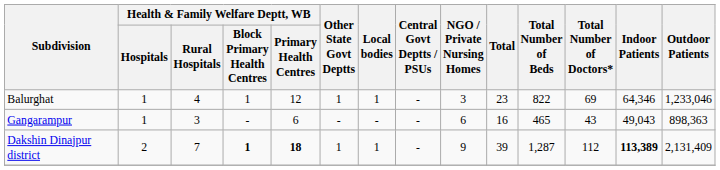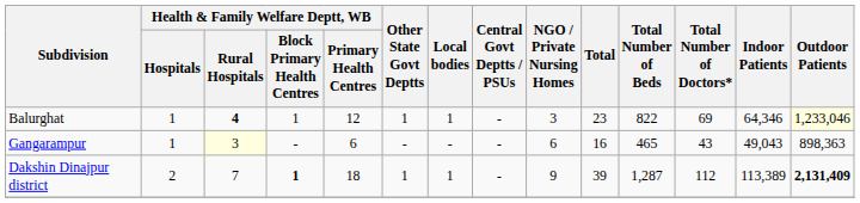 <table class="wikitable" style="text-align:center;font-size: 9pt">
 <tr>
 <th width="110" rowspan="2">Subdivision</th>
 <th width="160" colspan="4" rowspan="1">Health & Family Welfare Deptt, WB</th>
 <th widthspan="110" rowspan="2">Other<br>State<br>Govt<br>Deptts</th>
 <th widthspan="110" rowspan="2">Local<br>bodies</th>
 <th widthspan="110" rowspan="2">Central<br>Govt<br>Deptts /<br>PSUs</th>
 <th widthspan="110" rowspan="2">NGO /<br>Private<br>Nursing<br>Homes</th>
 <th widthspan="110" rowspan="2">Total</th>
 <th widthspan="110" rowspan="2">Total<br>Number<br>of<br>Beds</th>
 <th widthspan="110" rowspan="2">Total<br>Number<br>of<br>Doctors*</th>
 <th widthspan="130" rowspan="2">Indoor<br>Patients</th>
 <th widthspan="130" rowspan="2">Outdoor<br>Patients</th>
 </tr>
 <tr>
 <th width="40">Hospitals<br></th>
 <th width="40">Rural<br>Hospitals<br></th>
 <th width="40">Block<br>Primary<br>Health<br>Centres<br></th>
 <th width="40">Primary<br>Health<br>Centres<br></th>
 </tr>
 <tr>
 <td align=left>Balurghat</td>
 <td align="center">1</td>
-<td align="center">4</td>
+<td align="center"><strong>4</strong></td>
 <td align="center">1</td>
 <td align="center">12</td>
 <td align="center">1</td>
 <td align="center">1</td>
 <td align="center">-</td>
 <td align="center">3</td>
 <td align="center">23</td>
 <td align="center">822</td>
 <td align="center">69</td>
 <td align="center">64,346</td>
-<td align="center">1,233,046</td>
+<td align="center" style="background: lightyellow;">1,233,046</td>
 </tr>
 <tr>
 <td align=left><a href='#'>Gangarampur</a></td>
 <td align="center">1</td>
-<td align="center">3</td>
+<td align="center" style="background: lightyellow;">3</td>
 <td align="center">-</td>
 <td align="center">6</td>
 <td align="center">-</td>
 <td align="center">-</td>
 <td align="center">-</td>
 <td align="center">6</td>
 <td align="center">16</td>
 <td align="center">465</td>
 <td align="center">43</td>
 <td align="center">49,043</td>
 <td align="center">898,363</td>
 </tr>
 <tr>
 <td align=left><a href='#'>Dakshin Dinajpur district</a></td>
 <td align="center">2</td>
 <td align="center">7</td>
 <td align="center"><strong>1</strong></td>
-<td align="center"><strong>18</strong></td>
+<td align="center">18</td>
 <td align="center">1</td>
 <td align="center">1</td>
 <td align="center">-</td>
 <td align="center">9</td>
 <td align="center">39</td>
 <td align="center">1,287</td>
 <td align="center">112</td>
-<td align="center"><strong>113,389</strong></td>
-<td align="center">2,131,409</td>
+<td align="center">113,389</td>
+<td align="center"><strong>2,131,409</strong></td>
 </tr>
 <tr>
 </tr>
 </table>
